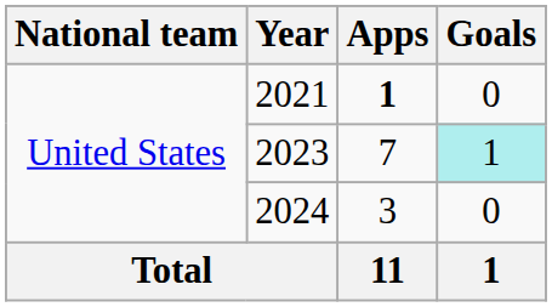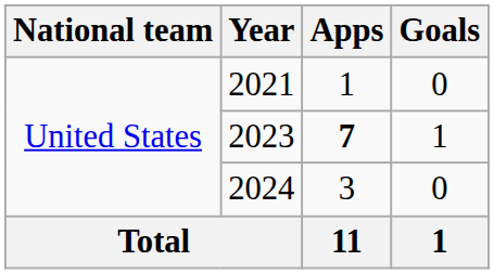 <table class="wikitable" style="text-align:center">
 <tr>
 <th>National team</th>
 <th>Year</th>
 <th>Apps</th>
 <th>Goals</th>
 </tr>
 <tr>
 <td rowspan="3"><a href='#'>United States</a></td>
 <td>2021</td>
-<td><strong>1</strong></td>
+<td>1</td>
 <td>0</td>
 </tr>
 <tr>
 <td>2023</td>
-<td>7</td>
-<td style="background: paleturquoise;">1</td>
+<td><strong>7</strong></td>
+<td>1</td>
 </tr>
 <tr>
 <td>2024</td>
 <td>3</td>
 <td>0</td>
 </tr>
 <tr>
 <th colspan="2">Total</th>
 <th>11</th>
 <th>1</th>
 </tr>
 </table>
